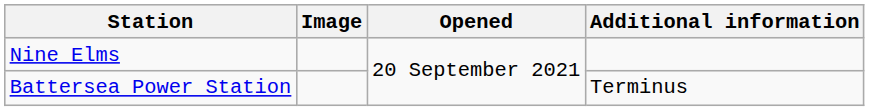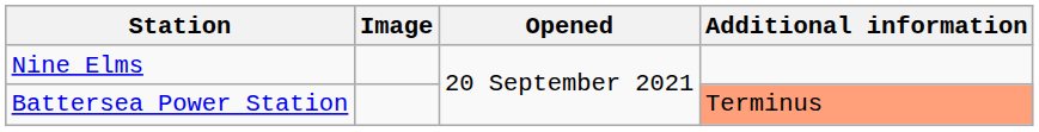 <table class="wikitable sortable">
 <tr>
 <th>Station</th>
 <th class=unsortable>Image</th>
 <th>Opened</th>
 <th>Additional information</th>
 </tr>
 <tr>
 <td><a href='#'>Nine Elms</a> </td>
 <td></td>
 <td rowspan="2">20 September 2021</td>
 <td></td>
 </tr>
 <tr>
 <td><a href='#'>Battersea Power Station</a> </td>
 <td></td>
-<td>Terminus</td>
+<td style="background: lightsalmon;">Terminus</td>
 </tr>
 </table>
